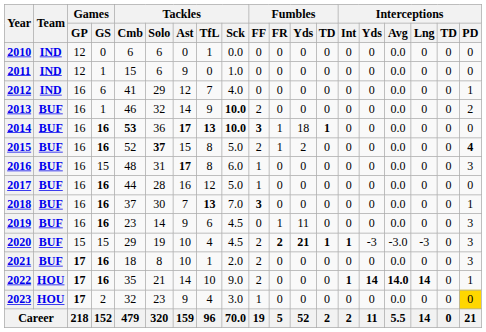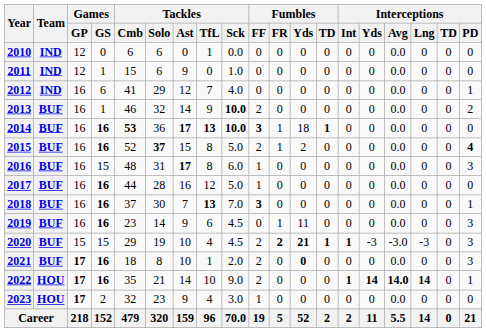 <table class="wikitable" style="text-align:center;">
 <tr>
 <th rowspan="2">Year</th>
 <th rowspan="2">Team</th>
 <th colspan="2">Games</th>
 <th colspan="5">Tackles</th>
 <th colspan="4">Fumbles</th>
 <th colspan="6">Interceptions</th>
 </tr>
 <tr>
 <th>GP</th>
 <th>GS</th>
 <th>Cmb</th>
 <th>Solo</th>
 <th>Ast</th>
 <th>TfL</th>
 <th>Sck</th>
 <th>FF</th>
 <th>FR</th>
 <th>Yds</th>
 <th>TD</th>
 <th>Int</th>
 <th>Yds</th>
 <th>Avg</th>
 <th>Lng</th>
 <th>TD</th>
 <th>PD</th>
 </tr>
 <tr>
 <th><a href='#'>2010</a></th>
 <th><a href='#'>IND</a></th>
 <td>12</td>
 <td>0</td>
 <td>6</td>
 <td>6</td>
 <td>0</td>
 <td>1</td>
 <td>0.0</td>
 <td>0</td>
 <td>0</td>
 <td>0</td>
 <td>0</td>
 <td>0</td>
 <td>0</td>
 <td>0.0</td>
 <td>0</td>
 <td>0</td>
 <td>0</td>
 </tr>
 <tr>
 <th><a href='#'>2011</a></th>
 <th><a href='#'>IND</a></th>
 <td>12</td>
 <td>1</td>
 <td>15</td>
 <td>6</td>
 <td>9</td>
 <td>0</td>
 <td>1.0</td>
 <td>0</td>
 <td>0</td>
 <td>0</td>
 <td>0</td>
 <td>0</td>
 <td>0</td>
 <td>0.0</td>
 <td>0</td>
 <td>0</td>
 <td>0</td>
 </tr>
 <tr>
 <th><a href='#'>2012</a></th>
 <th><a href='#'>IND</a></th>
 <td>16</td>
 <td>6</td>
 <td>41</td>
 <td>29</td>
 <td>12</td>
 <td>7</td>
 <td>4.0</td>
 <td>0</td>
 <td>0</td>
 <td>0</td>
 <td>0</td>
 <td>0</td>
 <td>0</td>
 <td>0.0</td>
 <td>0</td>
 <td>0</td>
 <td>1</td>
 </tr>
 <tr>
 <th><a href='#'>2013</a></th>
 <th><a href='#'>BUF</a></th>
 <td>16</td>
 <td>1</td>
 <td>46</td>
 <td>32</td>
 <td>14</td>
 <td>9</td>
 <td><strong>10.0</strong></td>
 <td>2</td>
 <td>0</td>
 <td>0</td>
 <td>0</td>
 <td>0</td>
 <td>0</td>
 <td>0.0</td>
 <td>0</td>
 <td>0</td>
 <td>2</td>
 </tr>
 <tr>
 <th><a href='#'>2014</a></th>
 <th><a href='#'>BUF</a></th>
 <td>16</td>
 <td><strong>16</strong></td>
 <td><strong>53</strong></td>
 <td>36</td>
 <td><strong>17</strong></td>
 <td><strong>13</strong></td>
 <td><strong>10.0</strong></td>
 <td><strong>3</strong></td>
 <td>1</td>
 <td>18</td>
 <td><strong>1</strong></td>
 <td>0</td>
 <td>0</td>
 <td>0.0</td>
 <td>0</td>
 <td>0</td>
 <td>0</td>
 </tr>
 <tr>
 <th><a href='#'>2015</a></th>
 <th><a href='#'>BUF</a></th>
 <td>16</td>
 <td><strong>16</strong></td>
 <td>52</td>
 <td><strong>37</strong></td>
 <td>15</td>
 <td>8</td>
 <td>5.0</td>
 <td>2</td>
 <td>1</td>
 <td>2</td>
 <td>0</td>
 <td>0</td>
 <td>0</td>
 <td>0.0</td>
 <td>0</td>
 <td>0</td>
 <td><strong>4</strong></td>
 </tr>
 <tr>
 <th><a href='#'>2016</a></th>
 <th><a href='#'>BUF</a></th>
 <td>16</td>
 <td>15</td>
 <td>48</td>
 <td>31</td>
 <td><strong>17</strong></td>
 <td>8</td>
 <td>6.0</td>
 <td>1</td>
 <td>0</td>
 <td>0</td>
 <td>0</td>
 <td>0</td>
 <td>0</td>
 <td>0.0</td>
 <td>0</td>
 <td>0</td>
 <td>3</td>
 </tr>
 <tr>
 <th><a href='#'>2017</a></th>
 <th><a href='#'>BUF</a></th>
 <td>16</td>
 <td><strong>16</strong></td>
 <td>44</td>
 <td>28</td>
 <td>16</td>
 <td>12</td>
 <td>5.0</td>
 <td>1</td>
 <td>0</td>
 <td>0</td>
 <td>0</td>
 <td>0</td>
 <td>0</td>
 <td>0.0</td>
 <td>0</td>
 <td>0</td>
 <td>0</td>
 </tr>
 <tr>
 <th><a href='#'>2018</a></th>
 <th><a href='#'>BUF</a></th>
 <td>16</td>
 <td><strong>16</strong></td>
 <td>37</td>
 <td>30</td>
 <td>7</td>
 <td><strong>13</strong></td>
 <td>7.0</td>
 <td><strong>3</strong></td>
 <td>0</td>
 <td>0</td>
 <td>0</td>
 <td>0</td>
 <td>0</td>
 <td>0.0</td>
 <td>0</td>
 <td>0</td>
 <td>1</td>
 </tr>
 <tr>
 <th><a href='#'>2019</a></th>
 <th><a href='#'>BUF</a></th>
 <td>16</td>
 <td><strong>16</strong></td>
 <td>23</td>
 <td>14</td>
 <td>9</td>
 <td>6</td>
 <td>4.5</td>
 <td>0</td>
 <td>1</td>
 <td>11</td>
 <td>0</td>
 <td>0</td>
 <td>0</td>
 <td>0.0</td>
 <td>0</td>
 <td>0</td>
 <td>3</td>
 </tr>
 <tr>
 <th><a href='#'>2020</a></th>
 <th><a href='#'>BUF</a></th>
 <td>15</td>
 <td>15</td>
 <td>29</td>
 <td>19</td>
 <td>10</td>
 <td>4</td>
 <td>4.5</td>
 <td>2</td>
 <td><strong>2</strong></td>
 <td><strong>21</strong></td>
 <td><strong>1</strong></td>
 <td><strong>1</strong></td>
 <td>-3</td>
 <td>-3.0</td>
 <td>-3</td>
 <td>0</td>
 <td>3</td>
 </tr>
 <tr>
 <th><a href='#'>2021</a></th>
 <th><a href='#'>BUF</a></th>
 <td><strong>17</strong></td>
 <td><strong>16</strong></td>
 <td>18</td>
 <td>8</td>
 <td>10</td>
 <td>1</td>
 <td>2.0</td>
 <td>2</td>
 <td>0</td>
-<td>0</td>
+<td><strong>0</strong></td>
 <td>0</td>
 <td>0</td>
 <td>0</td>
 <td>0.0</td>
 <td>0</td>
 <td>0</td>
 <td>3</td>
 </tr>
 <tr>
 <th><a href='#'>2022</a></th>
 <th><a href='#'>HOU</a></th>
 <td><strong>17</strong></td>
 <td><strong>16</strong></td>
 <td>35</td>
 <td>21</td>
 <td>14</td>
 <td>10</td>
 <td>9.0</td>
 <td>2</td>
 <td>0</td>
 <td>0</td>
 <td>0</td>
 <td><strong>1</strong></td>
 <td><strong>14</strong></td>
 <td><strong>14.0</strong></td>
 <td><strong>14</strong></td>
 <td>0</td>
 <td>1</td>
 </tr>
 <tr>
 <th><a href='#'>2023</a></th>
 <th><a href='#'>HOU</a></th>
 <td><strong>17</strong></td>
 <td>2</td>
 <td>32</td>
 <td>23</td>
 <td>9</td>
 <td>4</td>
 <td>3.0</td>
 <td>1</td>
 <td>0</td>
 <td>0</td>
 <td>0</td>
 <td>0</td>
 <td>0</td>
 <td>0.0</td>
 <td>0</td>
 <td>0</td>
-<td style="background: gold;">0</td>
+<td>0</td>
 </tr>
 <tr>
 <th colspan="2">Career</th>
 <th>218</th>
 <th>152</th>
 <th>479</th>
 <th>320</th>
 <th>159</th>
 <th>96</th>
 <th>70.0</th>
 <th>19</th>
 <th>5</th>
 <th>52</th>
 <th>2</th>
 <th>2</th>
 <th>11</th>
 <th>5.5</th>
 <th>14</th>
 <th>0</th>
 <th>21</th>
 </tr>
 </table>
